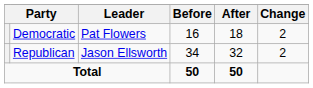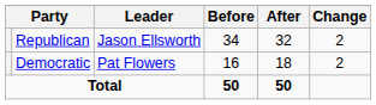 <table class="wikitable" style="text-align:center;">
 <tr>
 </tr>
 <tr>
 <th colspan="2">Party</th>
 <th>Leader</th>
 <th style="width:3em">Before</th>
 <th style="width:3em">After</th>
 <th style="width:3em">Change</th>
 </tr>
 <tr>
 <th style="background-color:"></th>
+<td style="text-align:left;"><a href='#'>Republican</a></td>
+<td style="text-align:left;"><a href='#'>Jason Ellsworth</a></td>
+<td>34</td>
+<td>32</td>
+<td> 2</td>
+</tr>
+<tr>
+<th style="background-color:"></th>
 <td style="text-align:left;"><a href='#'>Democratic</a></td>
 <td style="text-align:left;"><a href='#'>Pat Flowers</a></td>
 <td>16</td>
 <td>18</td>
-<td> 2</td>
-</tr>
-<tr>
-<th style="background-color:"></th>
-<td style="text-align:left;"><a href='#'>Republican</a></td>
-<td style="text-align:left;"><a href='#'>Jason Ellsworth</a></td>
-<td>34</td>
-<td>32</td>
 <td> 2</td>
 </tr>
 <tr>
 <td colspan="3"><strong>Total</strong></td>
 <td><strong>50</strong></td>
 <td><strong>50</strong></td>
 <td></td>
 </tr>
 </table>
